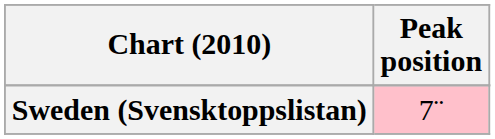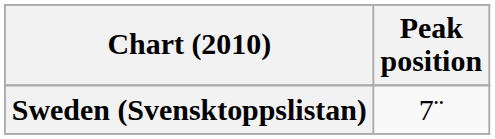 <table class="wikitable sortable plainrowheaders">
 <tr>
 <th scope="col">Chart (2010)</th>
 <th scope="col">Peak<br>position</th>
 </tr>
 <tr>
 </tr>
 <tr>
 <th scope="row">Sweden (Svensktoppslistan)</th>
-<td style="background: pink; text-align:center;">7¨</td>
+<td style="text-align:center;">7¨</td>
 </tr>
 </table>
